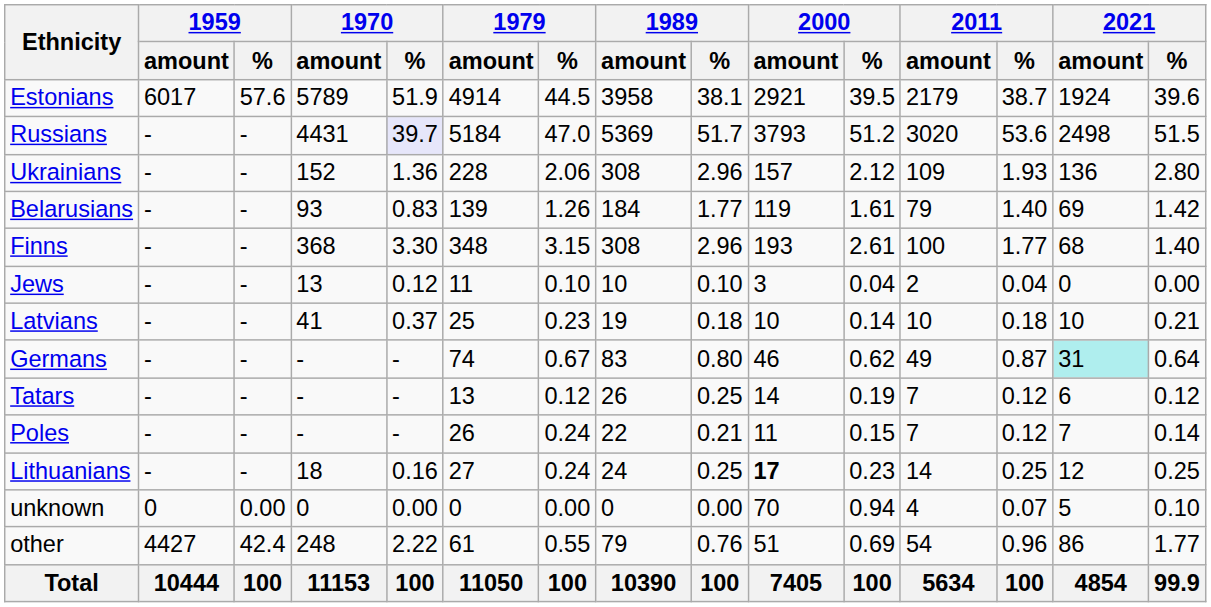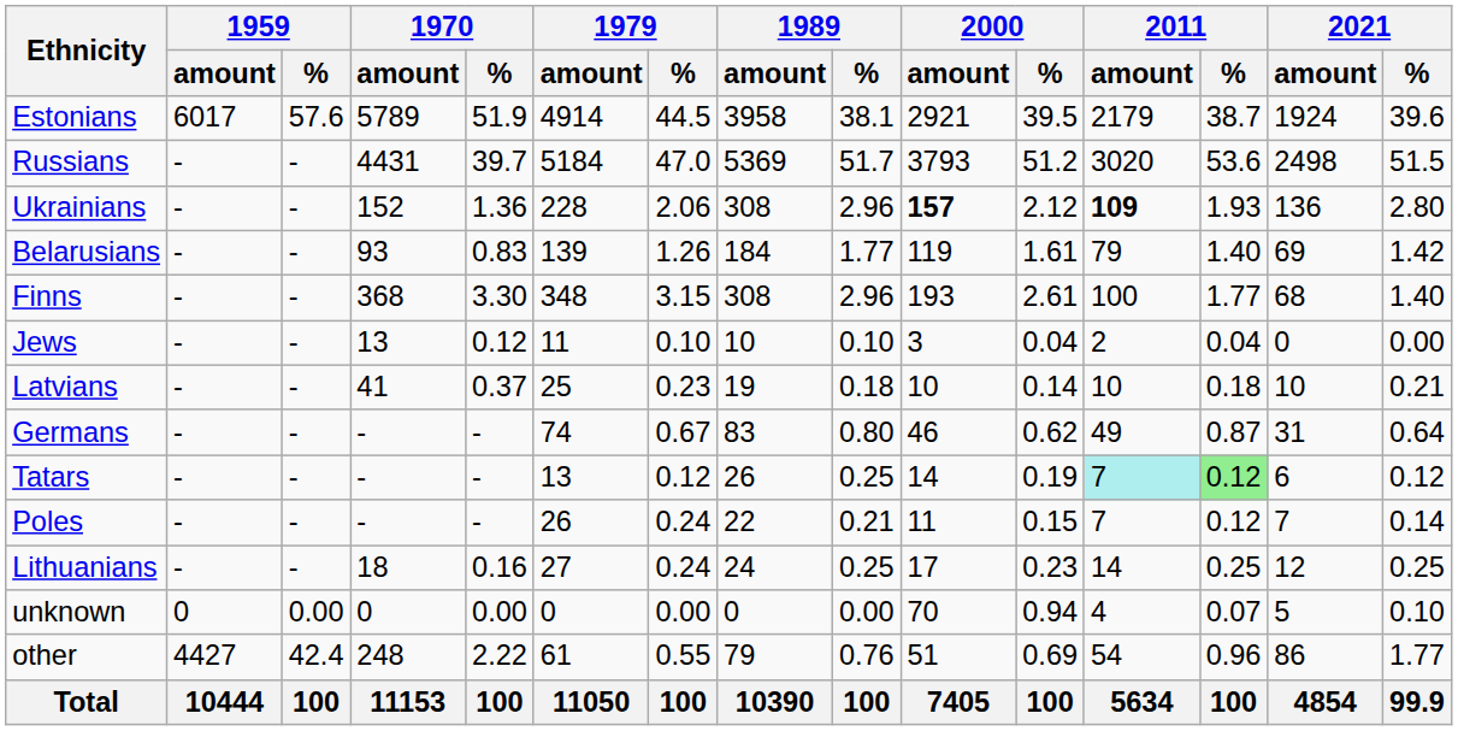 <table class="wikitable sortable">
 <tr>
 <th rowspan="2">Ethnicity</th>
 <th colspan="2"><a href='#'>1959</a></th>
 <th colspan="2"><a href='#'>1970</a></th>
 <th colspan="2"><a href='#'>1979</a></th>
 <th colspan="2"><a href='#'>1989</a></th>
 <th colspan="2"><a href='#'>2000</a></th>
 <th colspan="2"><a href='#'>2011</a></th>
 <th colspan="2"><a href='#'>2021</a></th>
 </tr>
 <tr>
 <th>amount</th>
 <th>%</th>
 <th>amount</th>
 <th>%</th>
 <th>amount</th>
 <th>%</th>
 <th>amount</th>
 <th>%</th>
 <th>amount</th>
 <th>%</th>
 <th>amount</th>
 <th>%</th>
 <th>amount</th>
 <th>%</th>
 </tr>
 <tr>
 <td><a href='#'>Estonians</a></td>
 <td>6017</td>
 <td>57.6</td>
 <td>5789</td>
 <td>51.9</td>
 <td>4914</td>
 <td>44.5</td>
 <td>3958</td>
 <td>38.1</td>
 <td>2921</td>
 <td>39.5</td>
 <td>2179</td>
 <td>38.7</td>
 <td>1924</td>
 <td>39.6</td>
 </tr>
 <tr>
 <td><a href='#'>Russians</a></td>
 <td>-</td>
 <td>-</td>
 <td>4431</td>
-<td style="background: lavender;">39.7</td>
+<td>39.7</td>
 <td>5184</td>
 <td>47.0</td>
 <td>5369</td>
 <td>51.7</td>
 <td>3793</td>
 <td>51.2</td>
 <td>3020</td>
 <td>53.6</td>
 <td>2498</td>
 <td>51.5</td>
 </tr>
 <tr>
 <td><a href='#'>Ukrainians</a></td>
 <td>-</td>
 <td>-</td>
 <td>152</td>
 <td>1.36</td>
 <td>228</td>
 <td>2.06</td>
 <td>308</td>
 <td>2.96</td>
-<td>157</td>
+<td><strong>157</strong></td>
 <td>2.12</td>
-<td>109</td>
+<td><strong>109</strong></td>
 <td>1.93</td>
 <td>136</td>
 <td>2.80</td>
 </tr>
 <tr>
 <td><a href='#'>Belarusians</a></td>
 <td>-</td>
 <td>-</td>
 <td>93</td>
 <td>0.83</td>
 <td>139</td>
 <td>1.26</td>
 <td>184</td>
 <td>1.77</td>
 <td>119</td>
 <td>1.61</td>
 <td>79</td>
 <td>1.40</td>
 <td>69</td>
 <td>1.42</td>
 </tr>
 <tr>
 <td><a href='#'>Finns</a></td>
 <td>-</td>
 <td>-</td>
 <td>368</td>
 <td>3.30</td>
 <td>348</td>
 <td>3.15</td>
 <td>308</td>
 <td>2.96</td>
 <td>193</td>
 <td>2.61</td>
 <td>100</td>
 <td>1.77</td>
 <td>68</td>
 <td>1.40</td>
 </tr>
 <tr>
 <td><a href='#'>Jews</a></td>
 <td>-</td>
 <td>-</td>
 <td>13</td>
 <td>0.12</td>
 <td>11</td>
 <td>0.10</td>
 <td>10</td>
 <td>0.10</td>
 <td>3</td>
 <td>0.04</td>
 <td>2</td>
 <td>0.04</td>
 <td>0</td>
 <td>0.00</td>
 </tr>
 <tr>
 <td><a href='#'>Latvians</a></td>
 <td>-</td>
 <td>-</td>
 <td>41</td>
 <td>0.37</td>
 <td>25</td>
 <td>0.23</td>
 <td>19</td>
 <td>0.18</td>
 <td>10</td>
 <td>0.14</td>
 <td>10</td>
 <td>0.18</td>
 <td>10</td>
 <td>0.21</td>
 </tr>
 <tr>
 <td><a href='#'>Germans</a></td>
 <td>-</td>
 <td>-</td>
 <td>-</td>
 <td>-</td>
 <td>74</td>
 <td>0.67</td>
 <td>83</td>
 <td>0.80</td>
 <td>46</td>
 <td>0.62</td>
 <td>49</td>
 <td>0.87</td>
-<td style="background: paleturquoise;">31</td>
+<td>31</td>
 <td>0.64</td>
 </tr>
 <tr>
 <td><a href='#'>Tatars</a></td>
 <td>-</td>
 <td>-</td>
 <td>-</td>
 <td>-</td>
 <td>13</td>
 <td>0.12</td>
 <td>26</td>
 <td>0.25</td>
 <td>14</td>
 <td>0.19</td>
-<td>7</td>
-<td>0.12</td>
+<td style="background: paleturquoise;">7</td>
+<td style="background: lightgreen;">0.12</td>
 <td>6</td>
 <td>0.12</td>
 </tr>
 <tr>
 <td><a href='#'>Poles</a></td>
 <td>-</td>
 <td>-</td>
 <td>-</td>
 <td>-</td>
 <td>26</td>
 <td>0.24</td>
 <td>22</td>
 <td>0.21</td>
 <td>11</td>
 <td>0.15</td>
 <td>7</td>
 <td>0.12</td>
 <td>7</td>
 <td>0.14</td>
 </tr>
 <tr>
 <td><a href='#'>Lithuanians</a></td>
 <td>-</td>
 <td>-</td>
 <td>18</td>
 <td>0.16</td>
 <td>27</td>
 <td>0.24</td>
 <td>24</td>
 <td>0.25</td>
-<td><strong>17</strong></td>
+<td>17</td>
 <td>0.23</td>
 <td>14</td>
 <td>0.25</td>
 <td>12</td>
 <td>0.25</td>
 </tr>
 <tr>
 <td>unknown</td>
 <td>0</td>
 <td>0.00</td>
 <td>0</td>
 <td>0.00</td>
 <td>0</td>
 <td>0.00</td>
 <td>0</td>
 <td>0.00</td>
 <td>70</td>
 <td>0.94</td>
 <td>4</td>
 <td>0.07</td>
 <td>5</td>
 <td>0.10</td>
 </tr>
 <tr>
 <td>other</td>
 <td>4427</td>
 <td>42.4</td>
 <td>248</td>
 <td>2.22</td>
 <td>61</td>
 <td>0.55</td>
 <td>79</td>
 <td>0.76</td>
 <td>51</td>
 <td>0.69</td>
 <td>54</td>
 <td>0.96</td>
 <td>86</td>
 <td>1.77</td>
 </tr>
 <tr>
 <th>Total</th>
 <th>10444</th>
 <th>100</th>
 <th>11153</th>
 <th>100</th>
 <th>11050</th>
 <th>100</th>
 <th>10390</th>
 <th>100</th>
 <th>7405</th>
 <th>100</th>
 <th>5634</th>
 <th>100</th>
 <th>4854</th>
 <th>99.9</th>
 </tr>
 </table>
